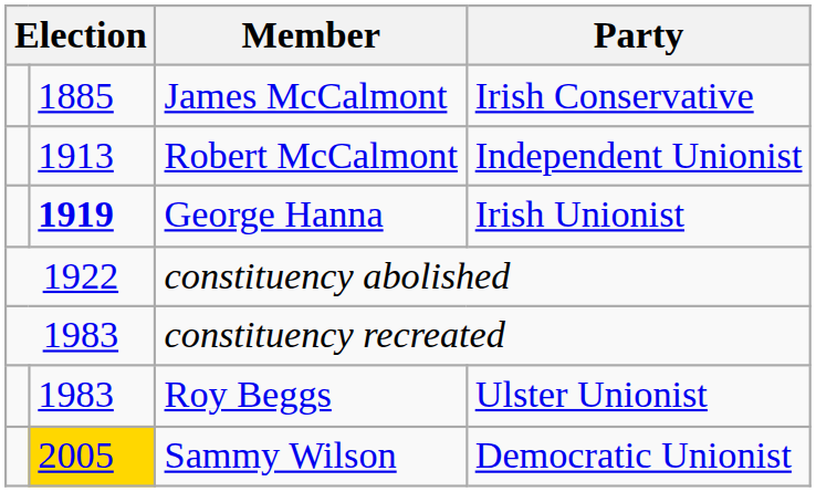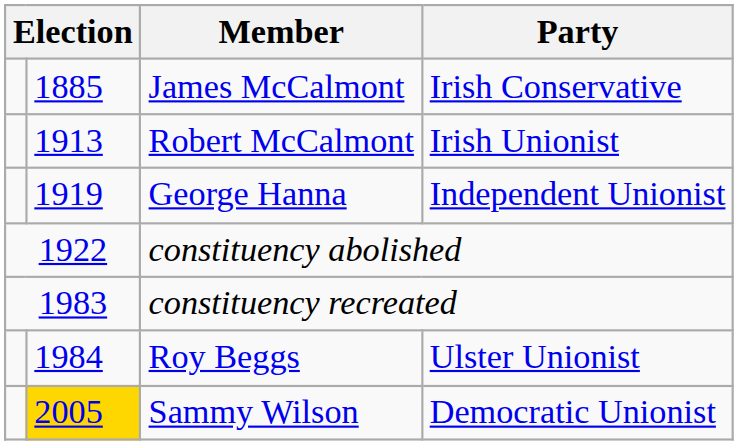 <table class="wikitable">
 <tr>
 <th colspan="2">Election</th>
 <th>Member</th>
 <th>Party</th>
 </tr>
 <tr>
 <td style="color:inherit;background-color: "></td>
 <td><a href='#'>1885</a></td>
 <td><a href='#'>James McCalmont</a></td>
 <td><a href='#'>Irish Conservative</a></td>
 </tr>
 <tr>
 <td style="color:inherit;background-color: "></td>
 <td><a href='#'>1913</a></td>
 <td><a href='#'>Robert McCalmont</a></td>
-<td><a href='#'>Independent Unionist</a></td>
+<td><a href='#'>Irish Unionist</a></td>
 </tr>
 <tr>
 <td style="color:inherit;background-color: "></td>
-<td><strong><a href='#'>1919</a></strong></td>
+<td><a href='#'>1919</a></td>
 <td><a href='#'>George Hanna</a></td>
-<td><a href='#'>Irish Unionist</a></td>
+<td><a href='#'>Independent Unionist</a></td>
 </tr>
 <tr>
 <td colspan="2" align="center"><a href='#'>1922</a></td>
 <td colspan="2"><em>constituency abolished</em></td>
 </tr>
 <tr>
 <td colspan="2" align="center"><a href='#'>1983</a></td>
 <td colspan="2"><em>constituency recreated</em></td>
 </tr>
 <tr>
 <td style="color:inherit;background-color: "></td>
-<td><a href='#'>1983</a></td>
+<td><a href='#'>1984</a></td>
 <td><a href='#'>Roy Beggs</a></td>
 <td><a href='#'>Ulster Unionist</a></td>
 </tr>
 <tr>
 <td style="color:inherit;background-color: "></td>
 <td style="background: gold;"><a href='#'>2005</a></td>
 <td><a href='#'>Sammy Wilson</a></td>
 <td><a href='#'>Democratic Unionist</a></td>
 </tr>
 </table>
